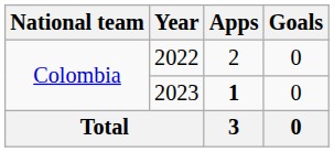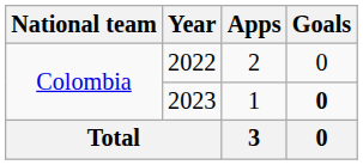 <table class=wikitable style=text-align:center>
 <tr>
 <th>National team</th>
 <th>Year</th>
 <th>Apps</th>
 <th>Goals</th>
 </tr>
 <tr>
 <td rowspan="2"><a href='#'>Colombia</a></td>
 <td>2022</td>
 <td>2</td>
 <td>0</td>
 </tr>
 <tr>
 <td>2023</td>
-<td><strong>1</strong></td>
-<td>0</td>
+<td>1</td>
+<td><strong>0</strong></td>
 </tr>
 <tr>
 <th colspan="2">Total</th>
 <th>3</th>
 <th>0</th>
 </tr>
 </table>
